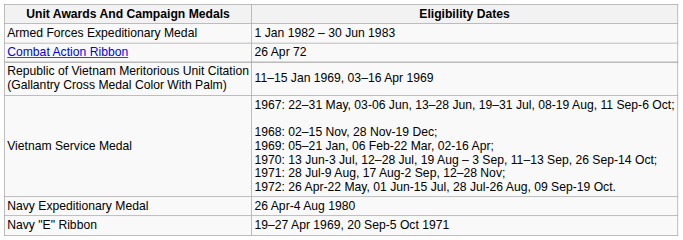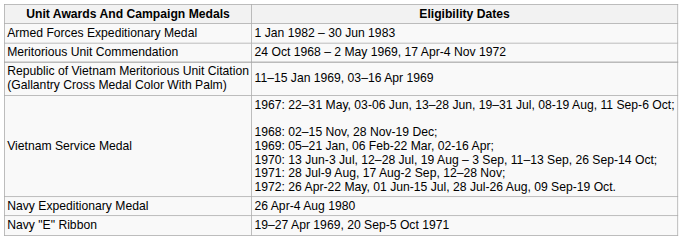 <table class="wikitable">
 <tr>
 <th>Unit Awards And Campaign Medals</th>
 <th>Eligibility Dates</th>
 </tr>
 <tr>
 <td>Armed Forces Expeditionary Medal</td>
 <td>1 Jan 1982 – 30 Jun 1983</td>
 </tr>
 <tr>
-<td><a href='#'>Combat Action Ribbon</a></td>
-<td>26 Apr 72</td>
+<td>Meritorious Unit Commendation</td>
+<td>24 Oct 1968 – 2 May 1969, 17 Apr-4 Nov 1972</td>
 </tr>
 <tr>
 </tr>
 <tr>
 <td>Republic of Vietnam Meritorious Unit Citation<br>(Gallantry Cross Medal Color With Palm)</td>
 <td>11–15 Jan 1969, 03–16 Apr 1969</td>
 </tr>
 <tr>
 <td>Vietnam Service Medal</td>
 <td>1967: 22–31 May, 03-06 Jun, 13–28 Jun, 19–31 Jul, 08-19 Aug, 11 Sep-6 Oct;<br><br>1968: 02–15 Nov, 28 Nov-19 Dec;<br> 1969: 05–21 Jan, 06 Feb-22 Mar, 02-16 Apr;<br> 1970: 13 Jun-3 Jul, 12–28 Jul, 19 Aug – 3 Sep, 11–13 Sep, 26 Sep-14 Oct;<br> 1971: 28 Jul-9 Aug, 17 Aug-2 Sep, 12–28 Nov;<br> 1972: 26 Apr-22 May, 01 Jun-15 Jul, 28 Jul-26 Aug, 09 Sep-19 Oct.</td>
 </tr>
 <tr>
 <td>Navy Expeditionary Medal</td>
 <td>26 Apr-4 Aug 1980</td>
 </tr>
 <tr>
 <td>Navy "E" Ribbon</td>
 <td>19–27 Apr 1969, 20 Sep-5 Oct 1971</td>
 </tr>
 </table>
